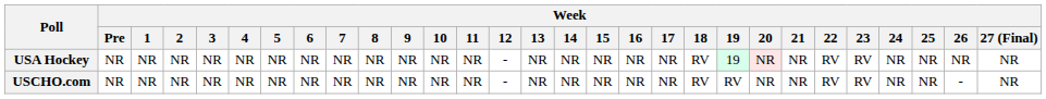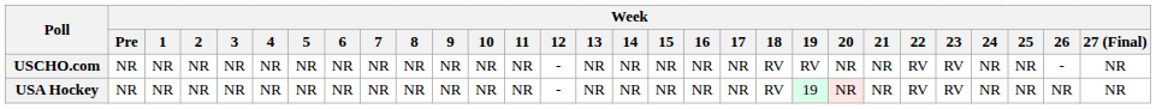 <table class="wikitable" style="white-space:nowrap;">
 <tr>
 <th scope="col" width="100" rowspan="2">Poll</th>
 <th colspan="28">Week</th>
 </tr>
 <tr>
 <th scope="col" width="30">Pre</th>
 <th scope="col" width="30">1</th>
 <th scope="col" width="30">2</th>
 <th scope="col" width="30">3</th>
 <th scope="col" width="30">4</th>
 <th scope="col" width="30">5</th>
 <th scope="col" width="30">6</th>
 <th scope="col" width="30">7</th>
 <th scope="col" width="30">8</th>
 <th scope="col" width="30">9</th>
 <th scope="col" width="30">10</th>
 <th scope="col" width="30">11</th>
 <th scope="col" width="30">12</th>
 <th scope="col" width="30">13</th>
 <th scope="col" width="30">14</th>
 <th scope="col" width="30">15</th>
 <th scope="col" width="30">16</th>
 <th scope="col" width="30">17</th>
 <th scope="col" width="30">18</th>
 <th scope="col" width="30">19</th>
 <th scope="col" width="30">20</th>
 <th scope="col" width="30">21</th>
 <th scope="col" width="30">22</th>
 <th scope="col" width="30">23</th>
 <th scope="col" width="30">24</th>
 <th scope="col" width="30">25</th>
 <th scope="col" width="30">26</th>
 <th scope="col" width="30">27 (Final)</th>
 </tr>
 <tr style="text-align:center;">
+<th>USCHO.com</th>
+<td bgcolor=FFFFFF>NR</td>
+<td bgcolor=FFFFFF>NR</td>
+<td bgcolor=FFFFFF>NR</td>
+<td bgcolor=FFFFFF>NR</td>
+<td bgcolor=FFFFFF>NR</td>
+<td bgcolor=FFFFFF>NR</td>
+<td bgcolor=FFFFFF>NR</td>
+<td bgcolor=FFFFFF>NR</td>
+<td bgcolor=FFFFFF>NR</td>
+<td bgcolor=FFFFFF>NR</td>
+<td bgcolor=FFFFFF>NR</td>
+<td bgcolor=FFFFFF>NR</td>
+<td bgcolor=FFFFFF>-</td>
+<td bgcolor=FFFFFF>NR</td>
+<td bgcolor=FFFFFF>NR</td>
+<td bgcolor=FFFFFF>NR</td>
+<td bgcolor=FFFFFF>NR</td>
+<td bgcolor=FFFFFF>NR</td>
+<td bgcolor=FFFFFF>RV</td>
+<td bgcolor=FFFFFF>RV</td>
+<td bgcolor=FFFFFF>NR</td>
+<td bgcolor=FFFFFF>NR</td>
+<td bgcolor=FFFFFF>RV</td>
+<td bgcolor=FFFFFF>RV</td>
+<td bgcolor=FFFFFF>NR</td>
+<td bgcolor=FFFFFF>NR</td>
+<td bgcolor=FFFFFF>-</td>
+<td bgcolor=FFFFFF>NR</td>
+</tr>
+<tr style="text-align:center;">
 <th>USA Hockey</th>
 <td bgcolor=FFFFFF>NR</td>
 <td bgcolor=FFFFFF>NR</td>
 <td bgcolor=FFFFFF>NR</td>
 <td bgcolor=FFFFFF>NR</td>
 <td bgcolor=FFFFFF>NR</td>
 <td bgcolor=FFFFFF>NR</td>
 <td bgcolor=FFFFFF>NR</td>
 <td bgcolor=FFFFFF>NR</td>
 <td bgcolor=FFFFFF>NR</td>
 <td bgcolor=FFFFFF>NR</td>
 <td bgcolor=FFFFFF>NR</td>
 <td bgcolor=FFFFFF>NR</td>
 <td bgcolor=FFFFFF>-</td>
 <td bgcolor=FFFFFF>NR</td>
 <td bgcolor=FFFFFF>NR</td>
 <td bgcolor=FFFFFF>NR</td>
 <td bgcolor=FFFFFF>NR</td>
 <td bgcolor=FFFFFF>NR</td>
 <td bgcolor=FFFFFF>RV</td>
 <td bgcolor=D8FFEB>19</td>
 <td bgcolor=FFE6E6>NR</td>
 <td bgcolor=FFFFFF>NR</td>
 <td bgcolor=FFFFFF>RV</td>
 <td bgcolor=FFFFFF>RV</td>
 <td bgcolor=FFFFFF>NR</td>
 <td bgcolor=FFFFFF>NR</td>
 <td bgcolor=FFFFFF>NR</td>
 <td bgcolor=FFFFFF>NR</td>
 </tr>
-<tr style="text-align:center;">
-<th>USCHO.com</th>
-<td bgcolor=FFFFFF>NR</td>
-<td bgcolor=FFFFFF>NR</td>
-<td bgcolor=FFFFFF>NR</td>
-<td bgcolor=FFFFFF>NR</td>
-<td bgcolor=FFFFFF>NR</td>
-<td bgcolor=FFFFFF>NR</td>
-<td bgcolor=FFFFFF>NR</td>
-<td bgcolor=FFFFFF>NR</td>
-<td bgcolor=FFFFFF>NR</td>
-<td bgcolor=FFFFFF>NR</td>
-<td bgcolor=FFFFFF>NR</td>
-<td bgcolor=FFFFFF>NR</td>
-<td bgcolor=FFFFFF>-</td>
-<td bgcolor=FFFFFF>NR</td>
-<td bgcolor=FFFFFF>NR</td>
-<td bgcolor=FFFFFF>NR</td>
-<td bgcolor=FFFFFF>NR</td>
-<td bgcolor=FFFFFF>NR</td>
-<td bgcolor=FFFFFF>RV</td>
-<td bgcolor=FFFFFF>RV</td>
-<td bgcolor=FFFFFF>NR</td>
-<td bgcolor=FFFFFF>NR</td>
-<td bgcolor=FFFFFF>RV</td>
-<td bgcolor=FFFFFF>RV</td>
-<td bgcolor=FFFFFF>NR</td>
-<td bgcolor=FFFFFF>NR</td>
-<td bgcolor=FFFFFF>-</td>
-<td bgcolor=FFFFFF>NR</td>
-</tr>
 </table>
